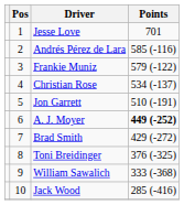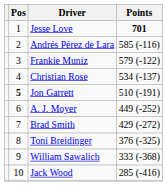 <table class="wikitable" style="font-size: 95%;">
 <tr>
 <th></th>
 <th>Pos</th>
 <th>Driver</th>
 <th>Points</th>
 </tr>
 <tr>
 <td align="left"></td>
 <td style="text-align:center;">1</td>
 <td><a href='#'>Jesse Love</a></td>
-<td style="text-align:center;">701</td>
+<td style="text-align:center;"><strong>701</strong></td>
 </tr>
 <tr>
 <td align="left"></td>
 <td style="text-align:center;">2</td>
 <td><a href='#'>Andrés Pérez de Lara</a></td>
 <td style="text-align:center;">585 (-116)</td>
 </tr>
 <tr>
 <td align="left"></td>
 <td style="text-align:center;">3</td>
 <td><a href='#'>Frankie Muniz</a></td>
 <td style="text-align:center;">579 (-122)</td>
 </tr>
 <tr>
 <td align="left"></td>
 <td style="text-align:center;">4</td>
 <td><a href='#'>Christian Rose</a></td>
 <td style="text-align:center;">534 (-137)</td>
 </tr>
 <tr>
 <td align="left"></td>
-<td style="text-align:center;">5</td>
+<td style="text-align:center;"><strong>5</strong></td>
 <td><a href='#'>Jon Garrett</a></td>
 <td style="text-align:center;">510 (-191)</td>
 </tr>
 <tr>
 <td align="left"></td>
 <td style="text-align:center;">6</td>
 <td><a href='#'>A. J. Moyer</a></td>
-<td style="text-align:center;"><strong>449 (-252)</strong></td>
+<td style="text-align:center;">449 (-252)</td>
 </tr>
 <tr>
 <td align="left"></td>
 <td style="text-align:center;">7</td>
 <td><a href='#'>Brad Smith</a></td>
 <td style="text-align:center;">429 (-272)</td>
 </tr>
 <tr>
 <td align="left"></td>
 <td style="text-align:center;">8</td>
 <td><a href='#'>Toni Breidinger</a></td>
 <td style="text-align:center;">376 (-325)</td>
 </tr>
 <tr>
 <td align="left"></td>
 <td style="text-align:center;">9</td>
 <td><a href='#'>William Sawalich</a></td>
 <td style="text-align:center;">333 (-368)</td>
 </tr>
 <tr>
 <td align="left"></td>
 <td style="text-align:center;">10</td>
 <td><a href='#'>Jack Wood</a></td>
 <td style="text-align:center;">285 (-416)</td>
 </tr>
 <tr class="sortbottom">
 </tr>
 </table>
